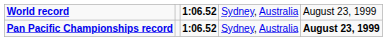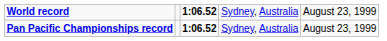 <table class="wikitable">
 <tr>
 <td><strong><a href='#'>World record</a></strong></td>
 <td></td>
 <td><strong>1:06.52</strong></td>
 <td><a href='#'>Sydney</a>, <a href='#'>Australia</a></td>
 <td>August 23, 1999</td>
 </tr>
 <tr>
 <td><strong><a href='#'>Pan Pacific Championships record</a></strong></td>
 <td></td>
 <td><strong>1:06.52</strong></td>
 <td><a href='#'>Sydney</a>, <a href='#'>Australia</a></td>
-<td><strong>August 23, 1999</strong></td>
+<td>August 23, 1999</td>
 </tr>
 </table>
